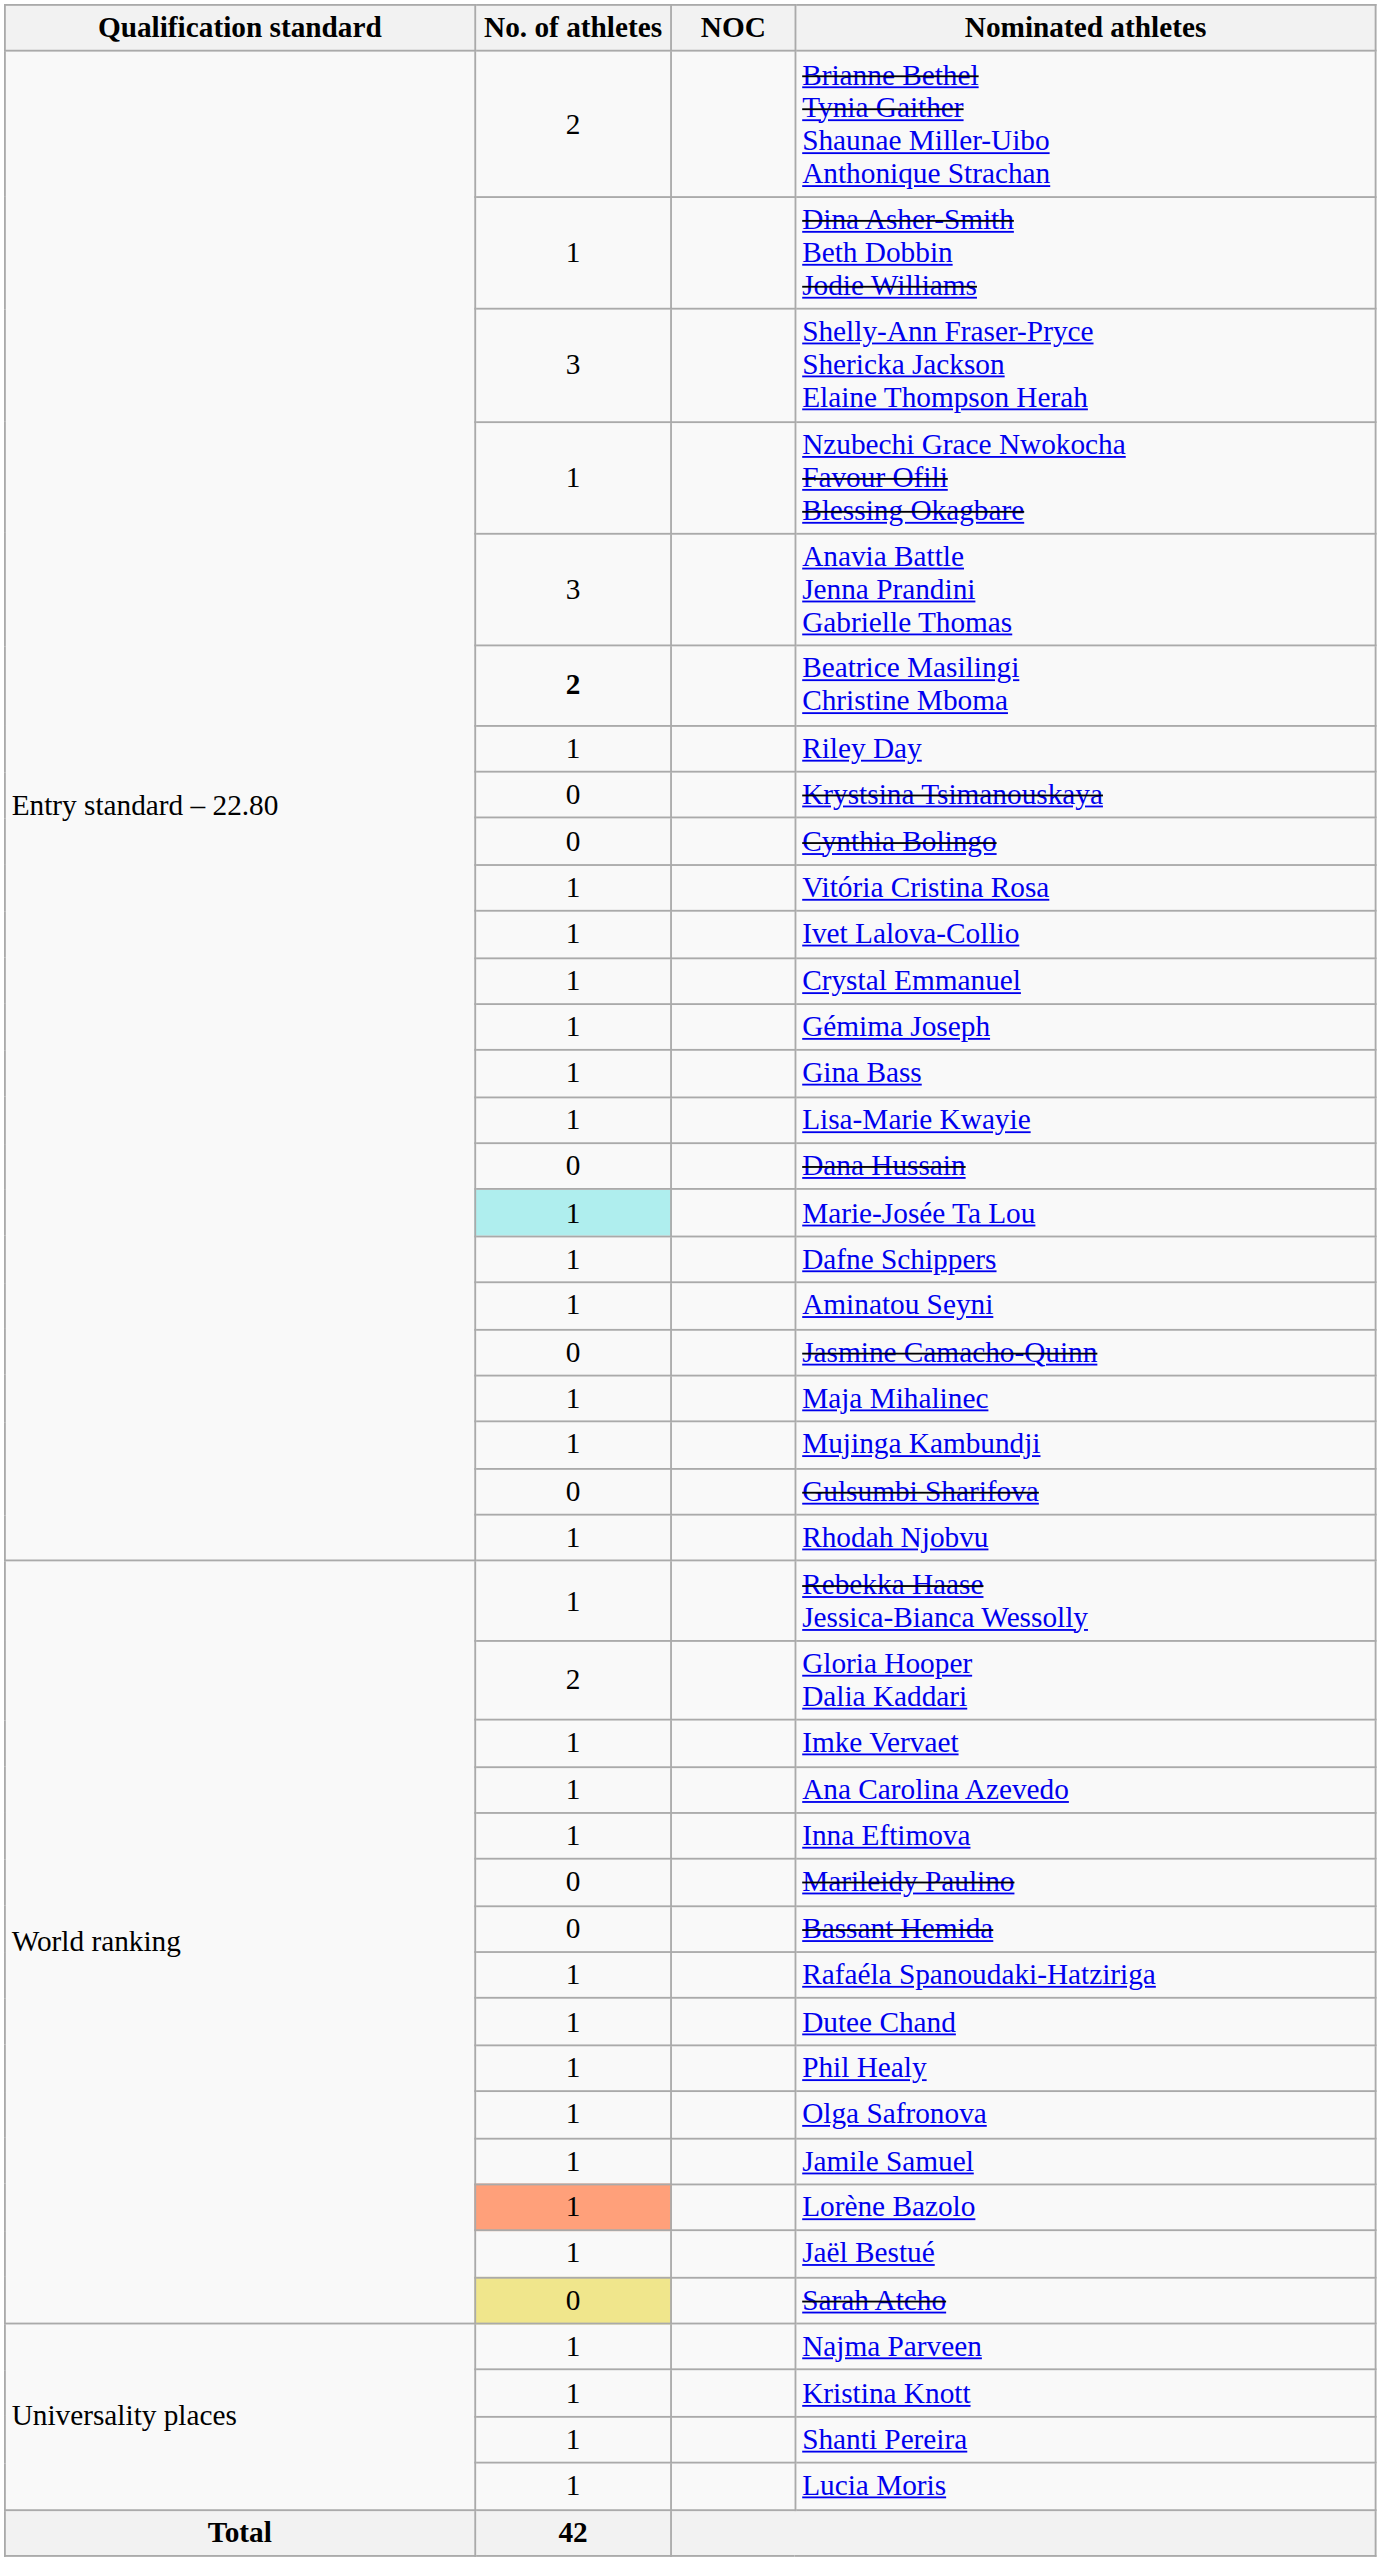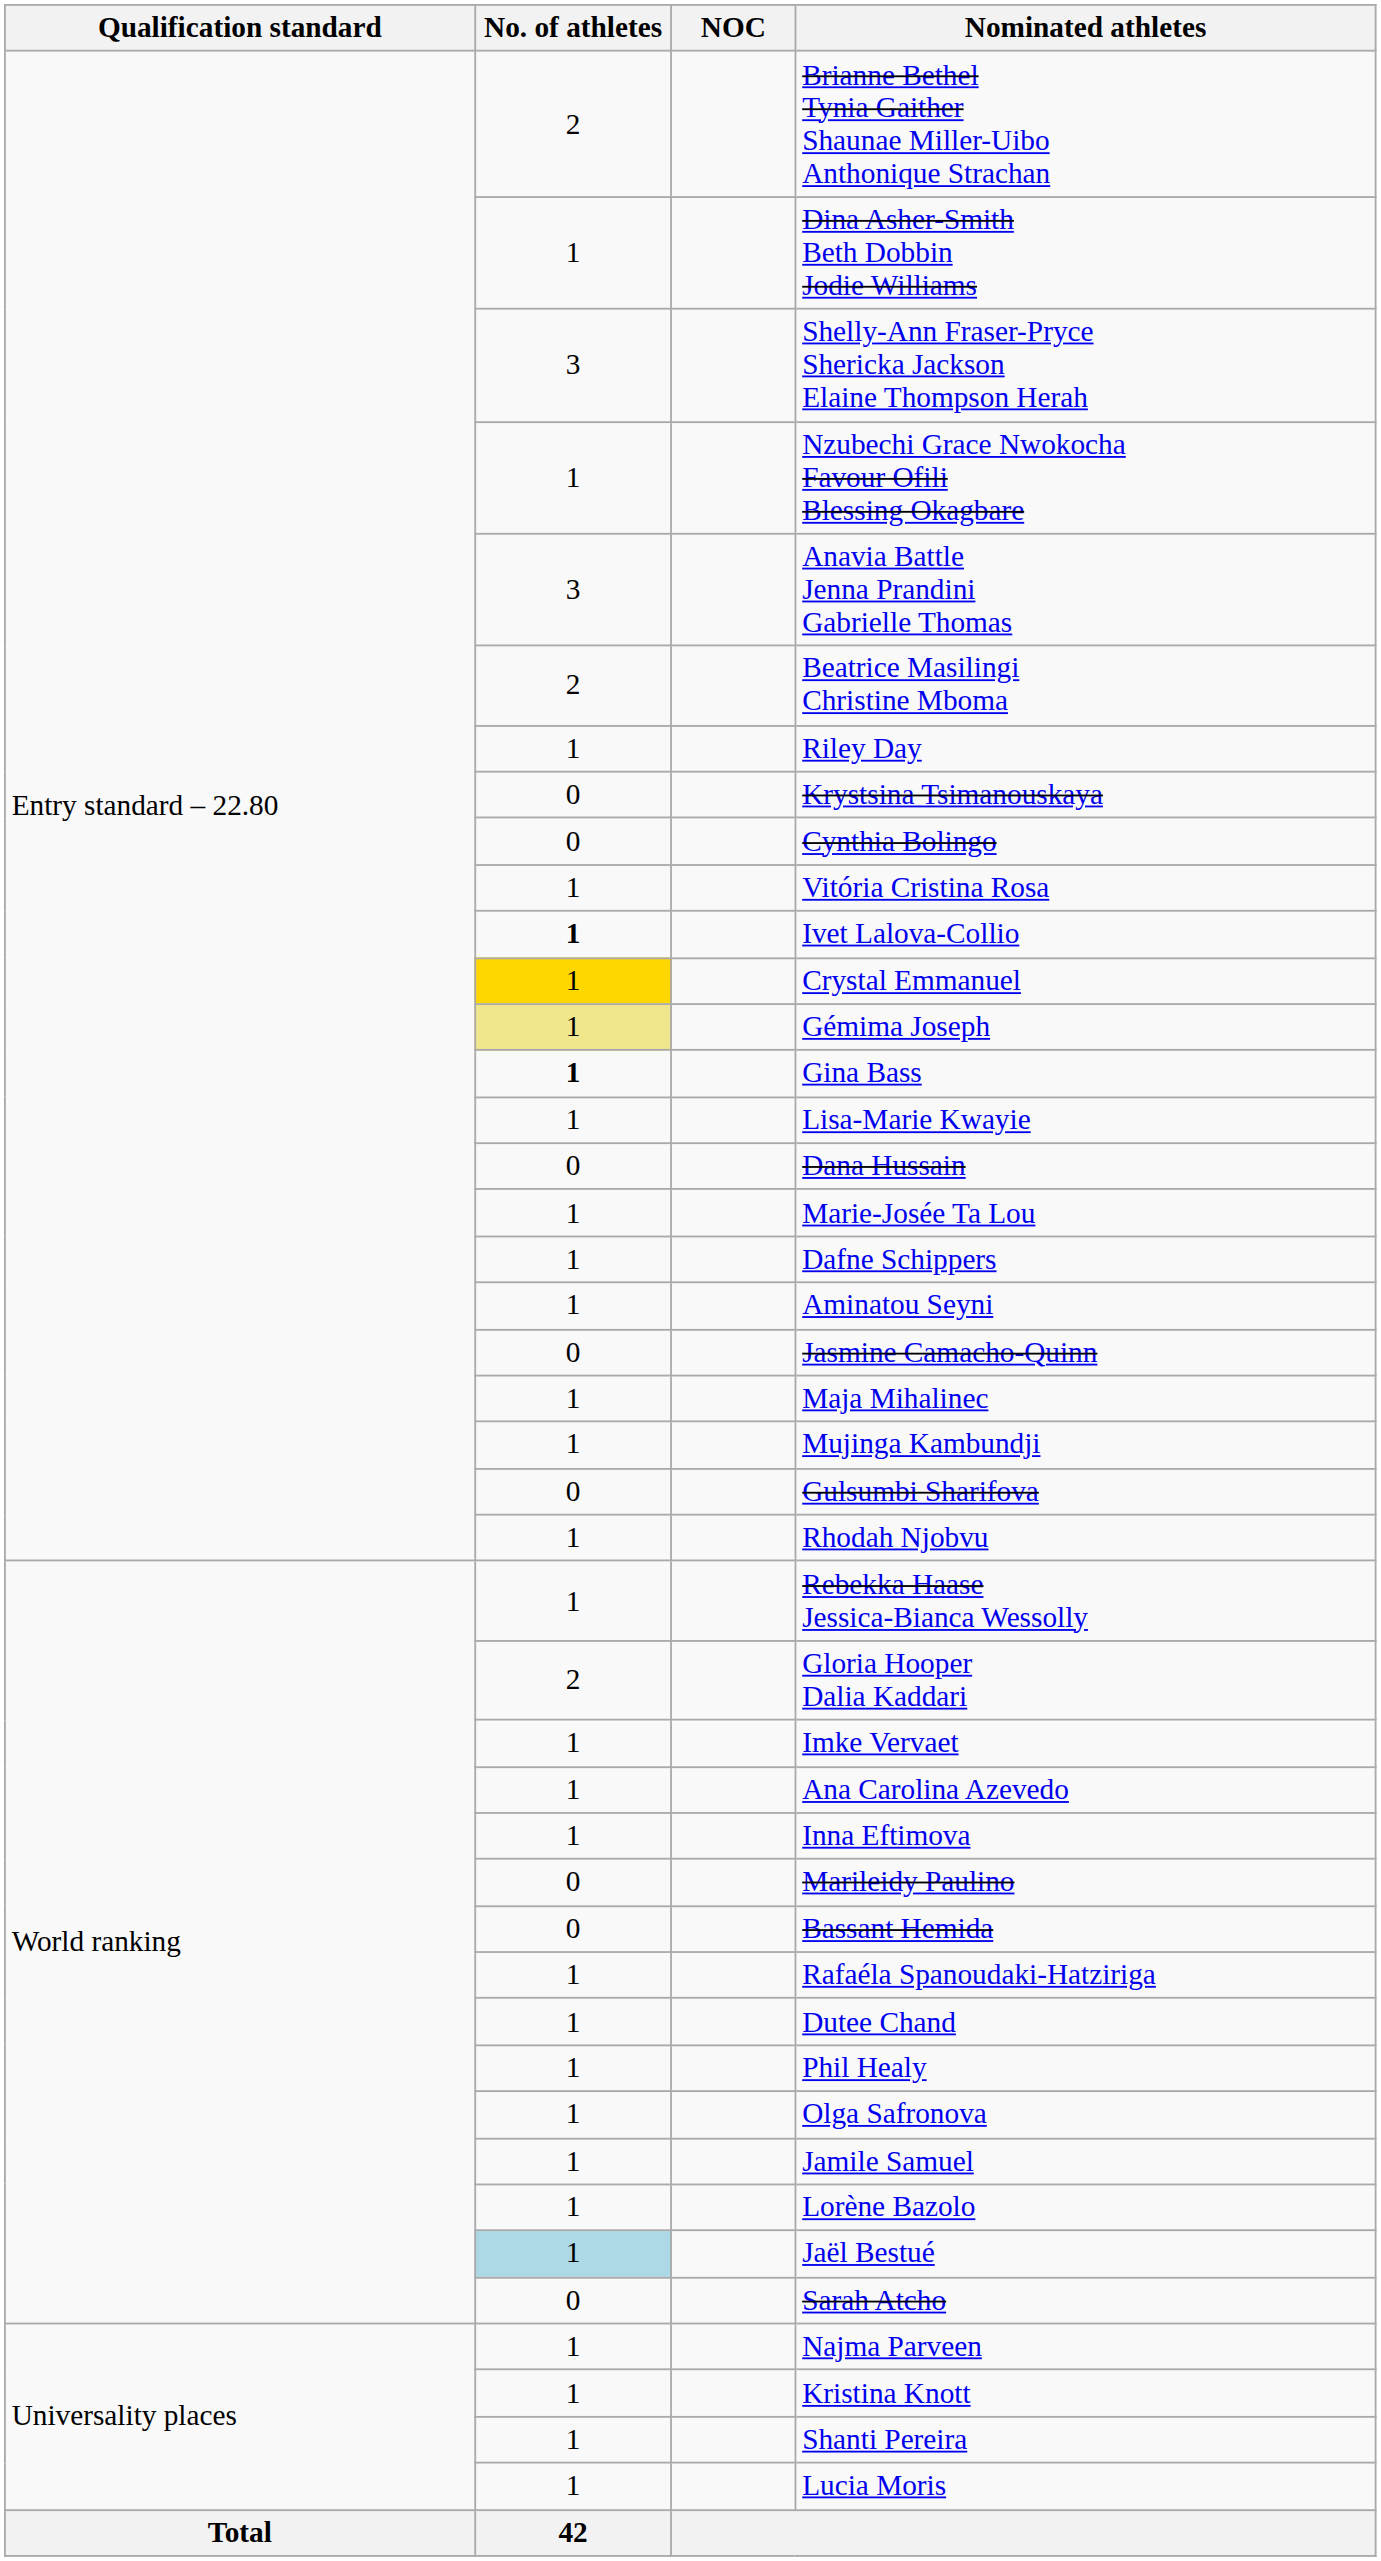 <table class="wikitable" style="text-align:left; width:750px;">
 <tr>
 <th>Qualification standard</th>
 <th width=100>No. of athletes</th>
 <th>NOC</th>
 <th>Nominated athletes</th>
 </tr>
 <tr>
 <td rowspan=24>Entry standard – 22.80</td>
 <td align=center>2</td>
 <td></td>
 <td><s><a href='#'>Brianne Bethel</a></s><br><s><a href='#'>Tynia Gaither</a></s><br><a href='#'>Shaunae Miller-Uibo</a><br><a href='#'>Anthonique Strachan</a></td>
 </tr>
 <tr>
 <td align=center>1</td>
 <td></td>
 <td><s><a href='#'>Dina Asher-Smith</a></s><br><a href='#'>Beth Dobbin</a><br><s><a href='#'>Jodie Williams</a></s></td>
 </tr>
 <tr>
 <td align=center>3</td>
 <td></td>
 <td><a href='#'>Shelly-Ann Fraser-Pryce</a><br><a href='#'>Shericka Jackson</a><br><a href='#'>Elaine Thompson Herah</a></td>
 </tr>
 <tr>
 <td align=center>1</td>
 <td></td>
 <td><a href='#'>Nzubechi Grace Nwokocha</a><br><s><a href='#'>Favour Ofili</a></s><br><s><a href='#'>Blessing Okagbare</a></s></td>
 </tr>
 <tr>
 <td align=center>3</td>
 <td></td>
 <td><a href='#'>Anavia Battle</a><br><a href='#'>Jenna Prandini</a><br><a href='#'>Gabrielle Thomas</a></td>
 </tr>
 <tr>
-<td align=center><strong>2</strong></td>
+<td align=center>2</td>
 <td></td>
 <td><a href='#'>Beatrice Masilingi</a><br><a href='#'>Christine Mboma</a></td>
 </tr>
 <tr>
 <td align=center>1</td>
 <td></td>
 <td><a href='#'>Riley Day</a></td>
 </tr>
 <tr>
 <td align=center>0</td>
 <td></td>
 <td><s><a href='#'>Krystsina Tsimanouskaya</a></s></td>
 </tr>
 <tr>
 <td align=center>0</td>
 <td></td>
 <td><s><a href='#'>Cynthia Bolingo</a></s></td>
 </tr>
 <tr>
 <td align=center>1</td>
 <td></td>
 <td><a href='#'>Vitória Cristina Rosa</a></td>
 </tr>
 <tr>
-<td align=center>1</td>
+<td align=center><strong>1</strong></td>
 <td></td>
 <td><a href='#'>Ivet Lalova-Collio</a></td>
 </tr>
 <tr>
-<td align=center>1</td>
+<td align=center style="background: gold;">1</td>
 <td></td>
 <td><a href='#'>Crystal Emmanuel</a></td>
 </tr>
 <tr>
-<td align=center>1</td>
+<td align=center style="background: khaki;">1</td>
 <td></td>
 <td><a href='#'>Gémima Joseph</a></td>
 </tr>
 <tr>
-<td align=center>1</td>
+<td align=center><strong>1</strong></td>
 <td></td>
 <td><a href='#'>Gina Bass</a></td>
 </tr>
 <tr>
 <td align=center>1</td>
 <td></td>
 <td><a href='#'>Lisa-Marie Kwayie</a></td>
 </tr>
 <tr>
 <td align=center>0</td>
 <td></td>
 <td><s><a href='#'>Dana Hussain</a></s></td>
 </tr>
 <tr>
-<td align=center style="background: paleturquoise;">1</td>
+<td align=center>1</td>
 <td></td>
 <td><a href='#'>Marie-Josée Ta Lou</a></td>
 </tr>
 <tr>
 <td align=center>1</td>
 <td></td>
 <td><a href='#'>Dafne Schippers</a></td>
 </tr>
 <tr>
 <td align=center>1</td>
 <td></td>
 <td><a href='#'>Aminatou Seyni</a></td>
 </tr>
 <tr>
 <td align=center>0</td>
 <td></td>
 <td><s><a href='#'>Jasmine Camacho-Quinn</a></s></td>
 </tr>
 <tr>
 <td align=center>1</td>
 <td></td>
 <td><a href='#'>Maja Mihalinec</a></td>
 </tr>
 <tr>
 <td align=center>1</td>
 <td></td>
 <td><a href='#'>Mujinga Kambundji</a></td>
 </tr>
 <tr>
 <td align=center>0</td>
 <td></td>
 <td><s><a href='#'>Gulsumbi Sharifova</a></s></td>
 </tr>
 <tr>
 <td align=center>1</td>
 <td></td>
 <td><a href='#'>Rhodah Njobvu</a></td>
 </tr>
 <tr>
 <td rowspan=15>World ranking</td>
 <td align=center>1</td>
 <td></td>
 <td><s><a href='#'>Rebekka Haase</a></s><br><a href='#'>Jessica-Bianca Wessolly</a></td>
 </tr>
 <tr>
 <td align=center>2</td>
 <td></td>
 <td><a href='#'>Gloria Hooper</a><br><a href='#'>Dalia Kaddari</a></td>
 </tr>
 <tr>
 <td align=center>1</td>
 <td></td>
 <td><a href='#'>Imke Vervaet</a></td>
 </tr>
 <tr>
 <td align=center>1</td>
 <td></td>
 <td><a href='#'>Ana Carolina Azevedo</a></td>
 </tr>
 <tr>
 <td align=center>1</td>
 <td></td>
 <td><a href='#'>Inna Eftimova</a></td>
 </tr>
 <tr>
 <td align=center>0</td>
 <td></td>
 <td><s><a href='#'>Marileidy Paulino</a></s></td>
 </tr>
 <tr>
 <td align=center>0</td>
 <td></td>
 <td><s><a href='#'>Bassant Hemida</a></s></td>
 </tr>
 <tr>
 <td align=center>1</td>
 <td></td>
 <td><a href='#'>Rafaéla Spanoudaki-Hatziriga</a></td>
 </tr>
 <tr>
 <td align=center>1</td>
 <td></td>
 <td><a href='#'>Dutee Chand</a></td>
 </tr>
 <tr>
 <td align=center>1</td>
 <td></td>
 <td><a href='#'>Phil Healy</a></td>
 </tr>
 <tr>
 <td align=center>1</td>
 <td></td>
 <td><a href='#'>Olga Safronova</a></td>
 </tr>
 <tr>
 <td align=center>1</td>
 <td></td>
 <td><a href='#'>Jamile Samuel</a></td>
 </tr>
 <tr>
-<td align=center style="background: lightsalmon;">1</td>
+<td align=center>1</td>
 <td></td>
 <td><a href='#'>Lorène Bazolo</a></td>
 </tr>
 <tr>
-<td align=center>1</td>
+<td align=center style="background: lightblue;">1</td>
 <td></td>
 <td><a href='#'>Jaël Bestué</a></td>
 </tr>
 <tr>
-<td align=center style="background: khaki;">0</td>
+<td align=center>0</td>
 <td></td>
 <td><s><a href='#'>Sarah Atcho</a></s></td>
 </tr>
 <tr>
 <td rowspan=4>Universality places</td>
 <td align=center>1</td>
 <td></td>
 <td><a href='#'>Najma Parveen</a></td>
 </tr>
 <tr>
 <td align=center>1</td>
 <td></td>
 <td><a href='#'>Kristina Knott</a></td>
 </tr>
 <tr>
 <td align=center>1</td>
 <td></td>
 <td><a href='#'>Shanti Pereira</a></td>
 </tr>
 <tr>
 <td align=center>1</td>
 <td></td>
 <td><a href='#'>Lucia Moris</a></td>
 </tr>
 <tr>
 <th>Total</th>
 <th>42</th>
 <th colspan=2></th>
 </tr>
 </table>
